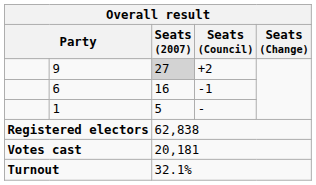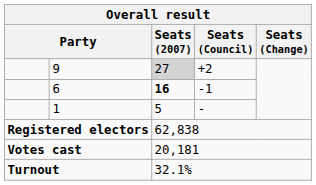 <table class="wikitable" border="1">
 <tr>
 <th colspan="5">Overall result</th>
 </tr>
 <tr>
 <th colspan="2">Party</th>
 <th>Seats<br><small>(2007)</small></th>
 <th>Seats<br><small>(Council)</small></th>
 <th>Seats<br><small>(Change)</small></th>
 </tr>
 <tr>
 <td></td>
 <td>9</td>
 <td style="background: lightgrey;">27</td>
 <td>+2</td>
 </tr>
 <tr>
 <td></td>
 <td>6</td>
-<td>16</td>
+<td><strong>16</strong></td>
 <td>-1</td>
 </tr>
 <tr>
 <td></td>
 <td>1</td>
 <td>5</td>
 <td>-</td>
 </tr>
 <tr>
 <td colspan="2"><strong>Registered electors</strong></td>
 <td colspan="3">62,838</td>
 </tr>
 <tr>
 <td colspan="2"><strong>Votes cast</strong></td>
 <td colspan="3">20,181</td>
 </tr>
 <tr>
 <td colspan="2"><strong>Turnout</strong></td>
 <td colspan="3">32.1%</td>
 </tr>
 </table>
